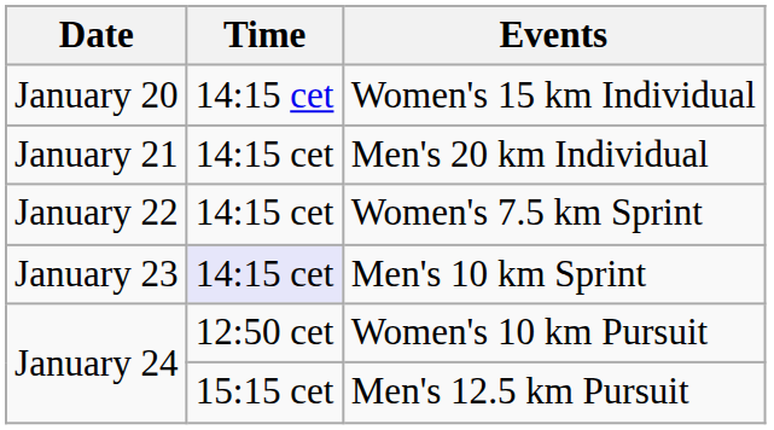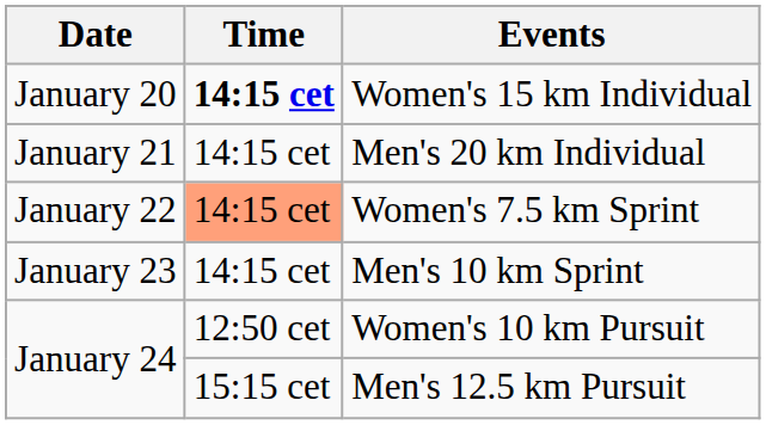 <table class="wikitable" border="1">
 <tr>
 <th>Date</th>
 <th>Time</th>
 <th>Events</th>
 </tr>
 <tr>
 <td>January 20</td>
-<td>14:15 <a href='#'>cet</a></td>
+<td><strong>14:15 <a href='#'>cet</a></strong></td>
 <td>Women's 15 km Individual</td>
 </tr>
 <tr>
 <td>January 21</td>
 <td>14:15 cet</td>
 <td>Men's 20 km Individual</td>
 </tr>
 <tr>
 <td>January 22</td>
-<td>14:15 cet</td>
+<td style="background: lightsalmon;">14:15 cet</td>
 <td>Women's 7.5 km Sprint</td>
 </tr>
 <tr>
 <td>January 23</td>
-<td style="background: lavender;">14:15 cet</td>
+<td>14:15 cet</td>
 <td>Men's 10 km Sprint</td>
 </tr>
 <tr>
 <td rowspan=2>January 24</td>
 <td>12:50 cet</td>
 <td>Women's 10 km Pursuit</td>
 </tr>
 <tr>
 <td>15:15 cet</td>
 <td>Men's 12.5 km Pursuit</td>
 </tr>
 </table>
